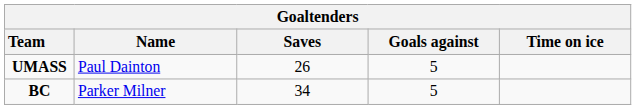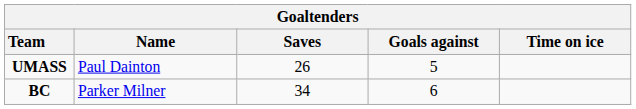 <table class="wikitable" style="width:40em; text-align:right;">
 <tr>
 <th colspan=5>Goaltenders</th>
 </tr>
 <tr>
 <th style="width:4em; text-align:left;">Team</th>
 <th style="width:10em;">Name</th>
 <th style="width:8em;">Saves</th>
 <th style="width:8em;">Goals against</th>
 <th style="width:8em;">Time on ice</th>
 </tr>
 <tr>
 <td align=center><strong>UMASS</strong></td>
 <td style="text-align:left;"><a href='#'>Paul Dainton</a></td>
 <td align=center>26</td>
 <td align=center>5</td>
 <td align=center></td>
 </tr>
 <tr>
 <td align=center><strong>BC</strong></td>
 <td style="text-align:left;"><a href='#'>Parker Milner</a></td>
 <td align=center>34</td>
-<td align=center>5</td>
+<td align=center>6</td>
 <td align=center></td>
 </tr>
 </table>
